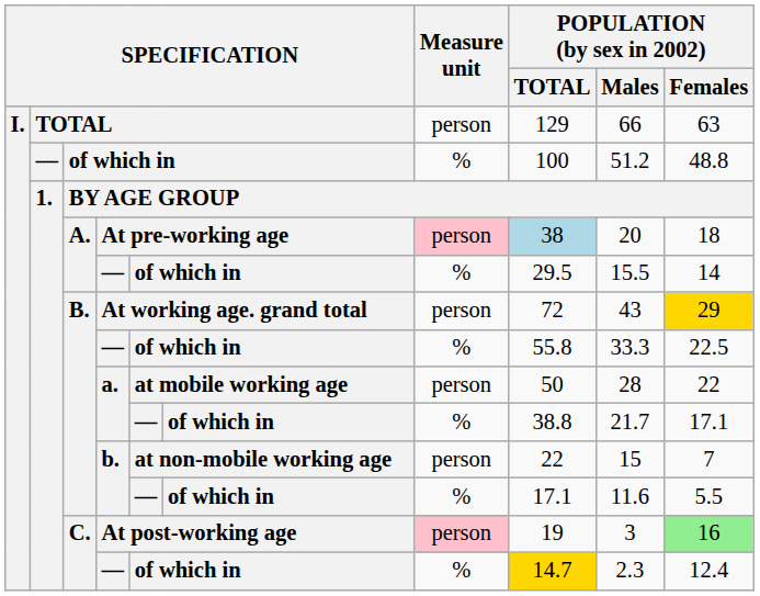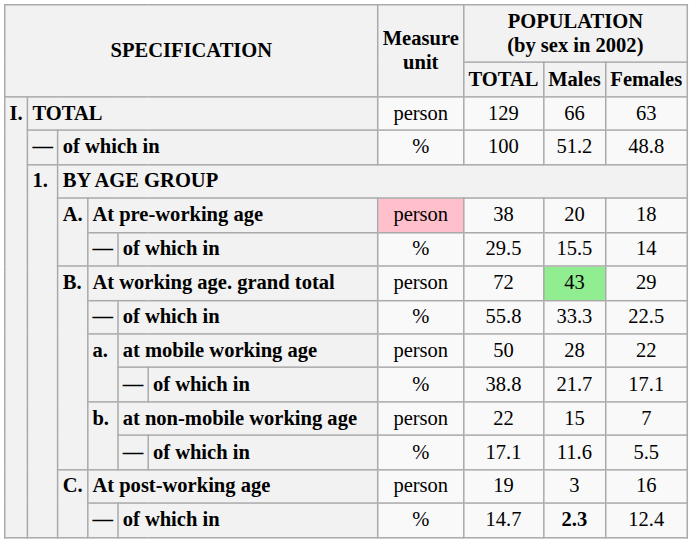 <table class="wikitable" style="font-size:85%; text-align:center">
 <tr>
 <th rowspan="2" colspan="6">SPECIFICATION</th>
 <th rowspan="2">Measure<br> unit</th>
 <th colspan="3" rowspan="1">POPULATION<br> (by sex in 2002)</th>
 </tr>
 <tr>
 <th>TOTAL</th>
 <th>Males</th>
 <th>Females</th>
 </tr>
 <tr>
 <th style="text-align:left" valign="top" rowspan="13">I.</th>
 <th style="text-align:left" colspan="5">TOTAL</th>
 <td>person</td>
 <td>129</td>
 <td>66</td>
 <td>63</td>
 </tr>
 <tr>
 <th style="text-align:left" valign="top">—</th>
 <th style="text-align:left" colspan="4">of which in</th>
 <td>%</td>
 <td>100</td>
 <td>51.2</td>
 <td>48.8</td>
 </tr>
 <tr>
 <th style="text-align:left" valign="top" rowspan="11">1.</th>
 <th style="text-align:left" colspan="19">BY AGE GROUP</th>
 </tr>
 <tr>
 <th style="text-align:left" valign="top" rowspan="2">A.</th>
 <th style="text-align:left" colspan="3">At pre-working age</th>
 <td style="background: pink;">person</td>
-<td style="background: lightblue;">38</td>
+<td>38</td>
 <td>20</td>
 <td>18</td>
 </tr>
 <tr>
 <th style="text-align:left" valign="top">—</th>
 <th style="text-align:left" valign="top" colspan="2">of which in</th>
 <td>%</td>
 <td>29.5</td>
 <td>15.5</td>
 <td>14</td>
 </tr>
 <tr>
 <th style="text-align:left" valign="top" rowspan="6">B.</th>
 <th style="text-align:left" colspan="3">At working age. grand total</th>
 <td>person</td>
 <td>72</td>
-<td>43</td>
-<td style="background: gold;">29</td>
+<td style="background: lightgreen;">43</td>
+<td>29</td>
 </tr>
 <tr>
 <th style="text-align:left" valign="top">—</th>
 <th style="text-align:left" valign="top" colspan="2">of which in</th>
 <td>%</td>
 <td>55.8</td>
 <td>33.3</td>
 <td>22.5</td>
 </tr>
 <tr>
 <th style="text-align:left" valign="top" rowspan="2">a.</th>
 <th style="text-align:left" colspan="2">at mobile working age</th>
 <td>person</td>
 <td>50</td>
 <td>28</td>
 <td>22</td>
 </tr>
 <tr>
 <th style="text-align:left" valign="top">—</th>
 <th style="text-align:left" valign="top" colspan="1">of which in                        </th>
 <td>%</td>
 <td>38.8</td>
 <td>21.7</td>
 <td>17.1</td>
 </tr>
 <tr>
 <th style="text-align:left" valign="top" rowspan="2">b.</th>
 <th style="text-align:left" colspan="2">at non-mobile working age</th>
 <td>person</td>
 <td>22</td>
 <td>15</td>
 <td>7</td>
 </tr>
 <tr>
 <th style="text-align:left" valign="top">—</th>
 <th style="text-align:left" valign="top" colspan="1">of which in                        </th>
 <td>%</td>
 <td>17.1</td>
 <td>11.6</td>
 <td>5.5</td>
 </tr>
 <tr>
 <th style="text-align:left" valign="top" rowspan="2">C.</th>
 <th style="text-align:left" colspan="3">At post-working age</th>
-<td style="background: pink;">person</td>
+<td>person</td>
 <td>19</td>
 <td>3</td>
-<td style="background: lightgreen;">16</td>
+<td>16</td>
 </tr>
 <tr>
 <th style="text-align:left" valign="top">—</th>
 <th style="text-align:left" valign="top" colspan="2">of which in</th>
 <td>%</td>
-<td style="background: gold;">14.7</td>
-<td>2.3</td>
+<td>14.7</td>
+<td><strong>2.3</strong></td>
 <td>12.4</td>
 </tr>
 </table>
